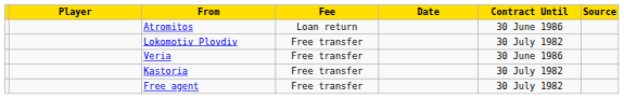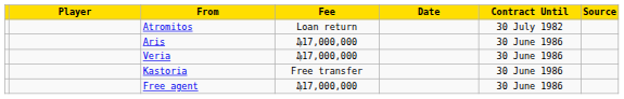 <table class="wikitable sortable">
 <tr>
 <th style="background:#FFDE00"></th>
 <th width=200 style="background:#FFDE00">Player</th>
 <th width=200 style="background:#FFDE00">From</th>
 <th width=150 style="background:#FFDE00">Fee</th>
 <th width=150 style="background:#FFDE00">Date</th>
 <th width=150 style="background:#FFDE00">Contract Until</th>
 <th style="background:#FFDE00">Source</th>
 </tr>
 <tr>
 <td align=center></td>
 <td></td>
 <td> <a href='#'>Atromitos</a></td>
 <td align=center>Loan return</td>
 <td align=center></td>
+<td align=center>30 July 1982</td>
+<td align=center></td>
+</tr>
+<tr>
+<td align=center></td>
+<td></td>
+<td> <a href='#'>Aris</a></td>
+<td align=center>₯17,000,000</td>
+<td align=center></td>
 <td align=center>30 June 1986</td>
 <td align=center></td>
 </tr>
 <tr>
 <td align=center></td>
 <td></td>
-<td> <a href='#'>Lokomotiv Plovdiv</a></td>
-<td align=center>Free transfer</td>
-<td align=center></td>
-<td align=center>30 July 1982</td>
-<td align=center></td>
-</tr>
-<tr>
-<td align=center></td>
-<td></td>
 <td> <a href='#'>Veria</a></td>
-<td align=center>Free transfer</td>
+<td align=center>₯17,000,000</td>
 <td align=center></td>
 <td align=center>30 June 1986</td>
 <td align=center></td>
 </tr>
 <tr>
 <td align=center></td>
 <td></td>
 <td> <a href='#'>Kastoria</a></td>
 <td align=center>Free transfer</td>
 <td align=center></td>
-<td align=center>30 July 1982</td>
+<td align=center>30 June 1986</td>
 <td align=center></td>
 </tr>
 <tr>
 <td align=center></td>
 <td></td>
 <td><a href='#'>Free agent</a></td>
-<td align=center>Free transfer</td>
+<td align=center>₯17,000,000</td>
 <td align=center></td>
-<td align=center>30 July 1982</td>
+<td align=center>30 June 1986</td>
 <td align=center></td>
 </tr>
 </table>
